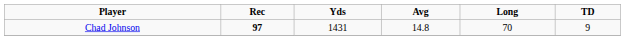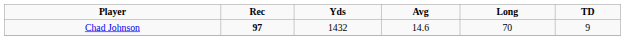 <table class="wikitable" width="80%">
 <tr align="center">
 <td><strong>Player</strong></td>
 <td><strong>Rec</strong></td>
 <td><strong>Yds</strong></td>
 <td><strong>Avg</strong></td>
 <td><strong>Long</strong></td>
 <td><strong>TD</strong></td>
 </tr>
 <tr align="center" bgcolor="">
 <td><a href='#'>Chad Johnson</a></td>
 <td><strong>97</strong></td>
-<td>1431</td>
-<td>14.8</td>
+<td>1432</td>
+<td>14.6</td>
 <td>70</td>
 <td>9</td>
 </tr>
 <tr align="center" bgcolor="">
 </tr>
 </table>
